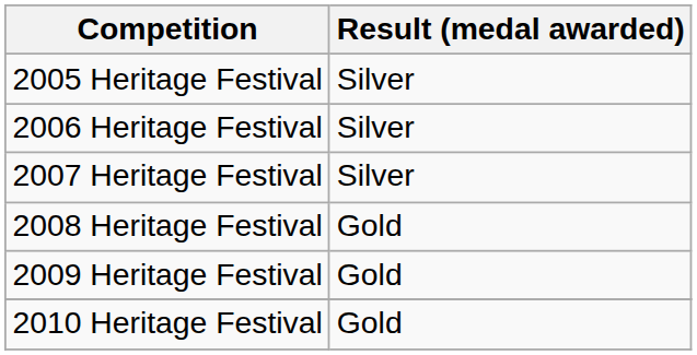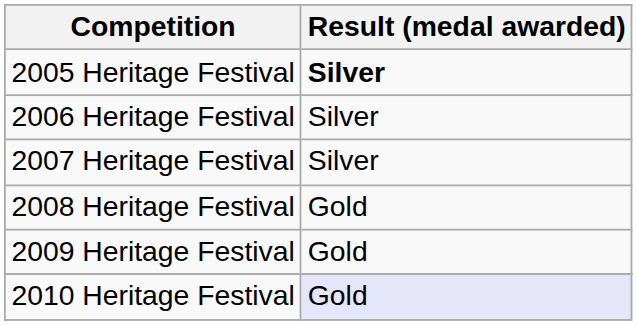 <table class="wikitable">
 <tr>
 <th>Competition</th>
 <th>Result (medal awarded)</th>
 </tr>
 <tr>
 <td> 2005 Heritage Festival</td>
-<td>Silver</td>
+<td><strong>Silver</strong></td>
 </tr>
 <tr>
 <td> 2006 Heritage Festival</td>
 <td>Silver</td>
 </tr>
 <tr>
 <td> 2007 Heritage Festival</td>
 <td>Silver</td>
 </tr>
 <tr>
 <td> 2008 Heritage Festival</td>
 <td>Gold</td>
 </tr>
 <tr>
 <td> 2009 Heritage Festival</td>
 <td>Gold</td>
 </tr>
 <tr>
 </tr>
 <tr>
 <td> 2010 Heritage Festival</td>
-<td>Gold</td>
+<td style="background: lavender;">Gold</td>
 </tr>
 </table>
